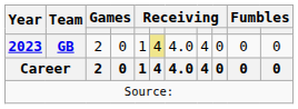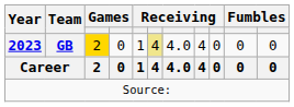 <table class= "wikitable" style="text-align:center;">
 <tr>
 <th rowspan="2">Year</th>
 <th rowspan="2">Team</th>
 <th colspan="2">Games</th>
 <th colspan="5">Receiving</th>
 <th colspan="2">Fumbles</th>
 </tr>
 <tr>
 <th></th>
 <th></th>
 <th></th>
 <th></th>
 <th></th>
 <th></th>
 <th></th>
 <th></th>
 <th></th>
 </tr>
 <tr>
 <th><a href='#'>2023</a></th>
 <th><a href='#'>GB</a></th>
-<td>2</td>
+<td style="background: gold;">2</td>
 <td>0</td>
 <td>1</td>
 <td style="background: khaki;">4</td>
 <td>4.0</td>
 <td>4</td>
 <td>0</td>
 <td>0</td>
 <td>0</td>
 </tr>
 <tr>
 <th colspan="2">Career</th>
 <th>2</th>
 <th>0</th>
 <th>1</th>
 <th>4</th>
 <th>4.0</th>
 <th>4</th>
 <th>0</th>
 <th>0</th>
 <th>0</th>
 </tr>
 <tr>
 <td colspan="11"><small>Source: </small></td>
 </tr>
 </table>
